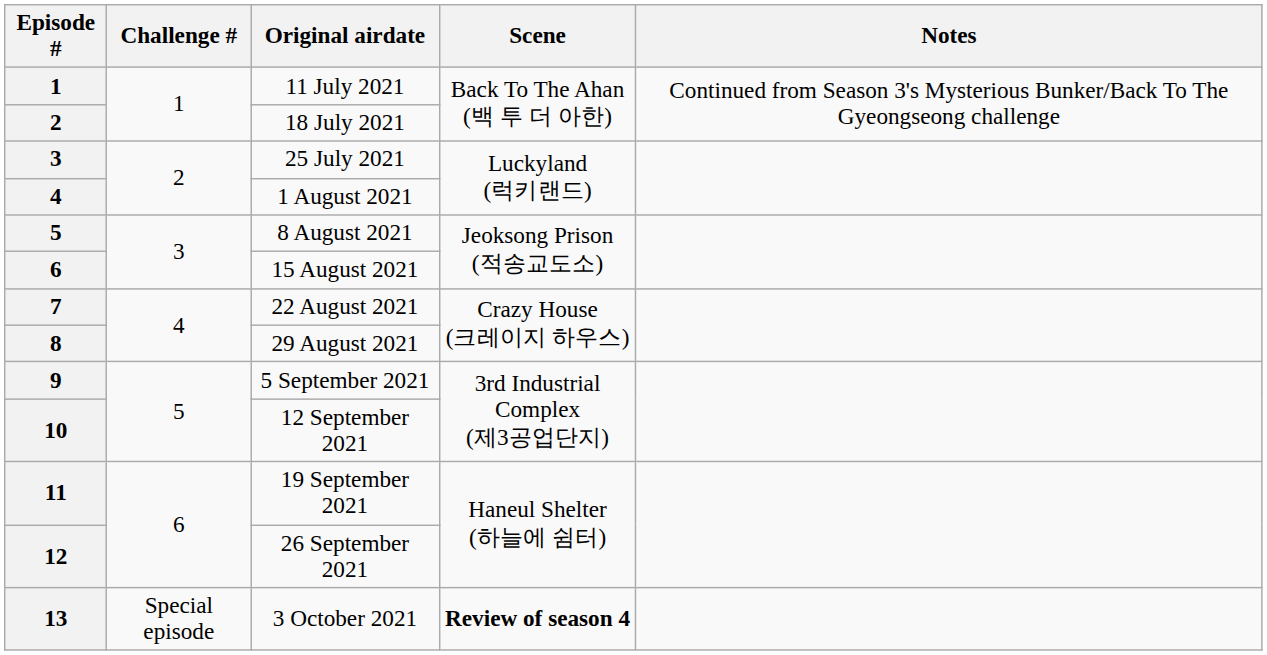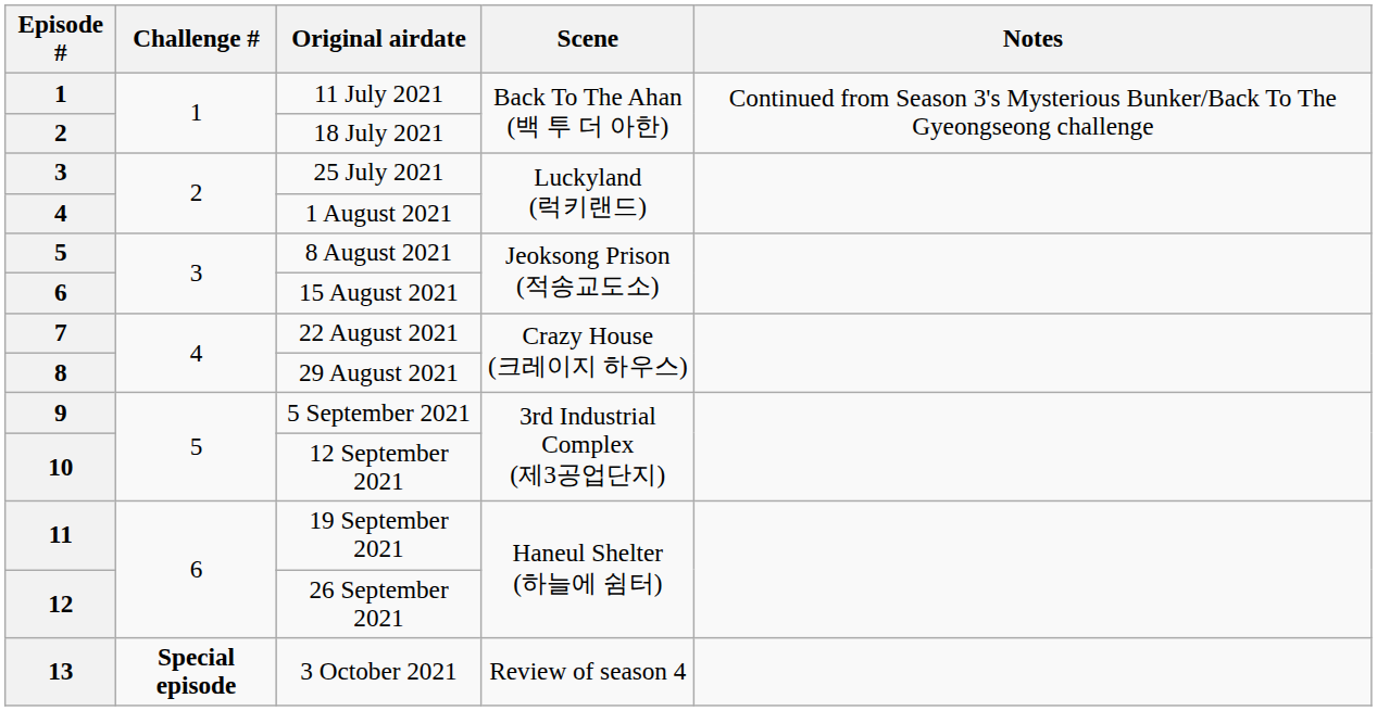 <table class=wikitable style=text-align:center>
 <tr>
 <th>Episode #</th>
 <th>Challenge #</th>
 <th style=width:15%>Original airdate</th>
 <th>Scene</th>
 <th>Notes</th>
 </tr>
 <tr>
 <th>1</th>
 <td rowspan=2>1</td>
 <td>11 July 2021</td>
 <td rowspan=2>Back To The Ahan<br>(백 투 더 아한)</td>
 <td rowspan=2>Continued from Season 3's Mysterious Bunker/Back To The Gyeongseong challenge</td>
 </tr>
 <tr>
 <th>2</th>
 <td>18 July 2021</td>
 </tr>
 <tr>
 <th>3</th>
 <td rowspan=2>2</td>
 <td>25 July 2021</td>
 <td rowspan=2>Luckyland<br>(럭키랜드)</td>
 <td rowspan=2></td>
 </tr>
 <tr>
 <th>4</th>
 <td>1 August 2021</td>
 </tr>
 <tr>
 <th>5</th>
 <td rowspan=2>3</td>
 <td>8 August 2021</td>
 <td rowspan=2>Jeoksong Prison<br>(적송교도소)</td>
 <td rowspan=2></td>
 </tr>
 <tr>
 <th>6</th>
 <td>15 August 2021</td>
 </tr>
 <tr>
 <th>7</th>
 <td rowspan=2>4</td>
 <td>22 August 2021</td>
 <td rowspan=2>Crazy House<br>(크레이지 하우스)</td>
 <td rowspan=2></td>
 </tr>
 <tr>
 <th>8</th>
 <td>29 August 2021</td>
 </tr>
 <tr>
 <th>9</th>
 <td rowspan=2>5</td>
 <td>5 September 2021</td>
 <td rowspan=2>3rd Industrial Complex<br>(제3공업단지)</td>
 <td rowspan=2></td>
 </tr>
 <tr>
 <th>10</th>
 <td>12 September 2021</td>
 </tr>
 <tr>
 <th>11</th>
 <td rowspan=2>6</td>
 <td>19 September 2021</td>
 <td rowspan=2>Haneul Shelter<br>(하늘에 쉼터)</td>
 <td rowspan=2></td>
 </tr>
 <tr>
 <th>12</th>
 <td>26 September 2021</td>
 </tr>
 <tr>
 <th>13</th>
-<td>Special episode</td>
+<td><strong>Special episode</strong></td>
 <td>3 October 2021</td>
-<td><strong>Review of season 4</strong></td>
+<td>Review of season 4</td>
 </tr>
 </table>
